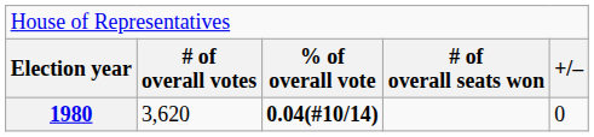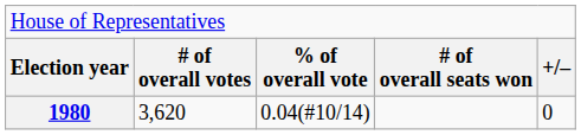 <table class=wikitable>
 <tr>
 <td colspan=5><a href='#'>House of Representatives</a></td>
 </tr>
 <tr>
 <th>Election year</th>
 <th># of<br>overall votes</th>
 <th>% of<br>overall vote</th>
 <th># of<br>overall seats won</th>
 <th>+/–</th>
 </tr>
 <tr>
 <th><a href='#'>1980</a></th>
 <td>3,620</td>
-<td><strong>0.04(#10/14)</strong></td>
+<td>0.04(#10/14)</td>
 <td></td>
 <td> 0</td>
 </tr>
 </table>
